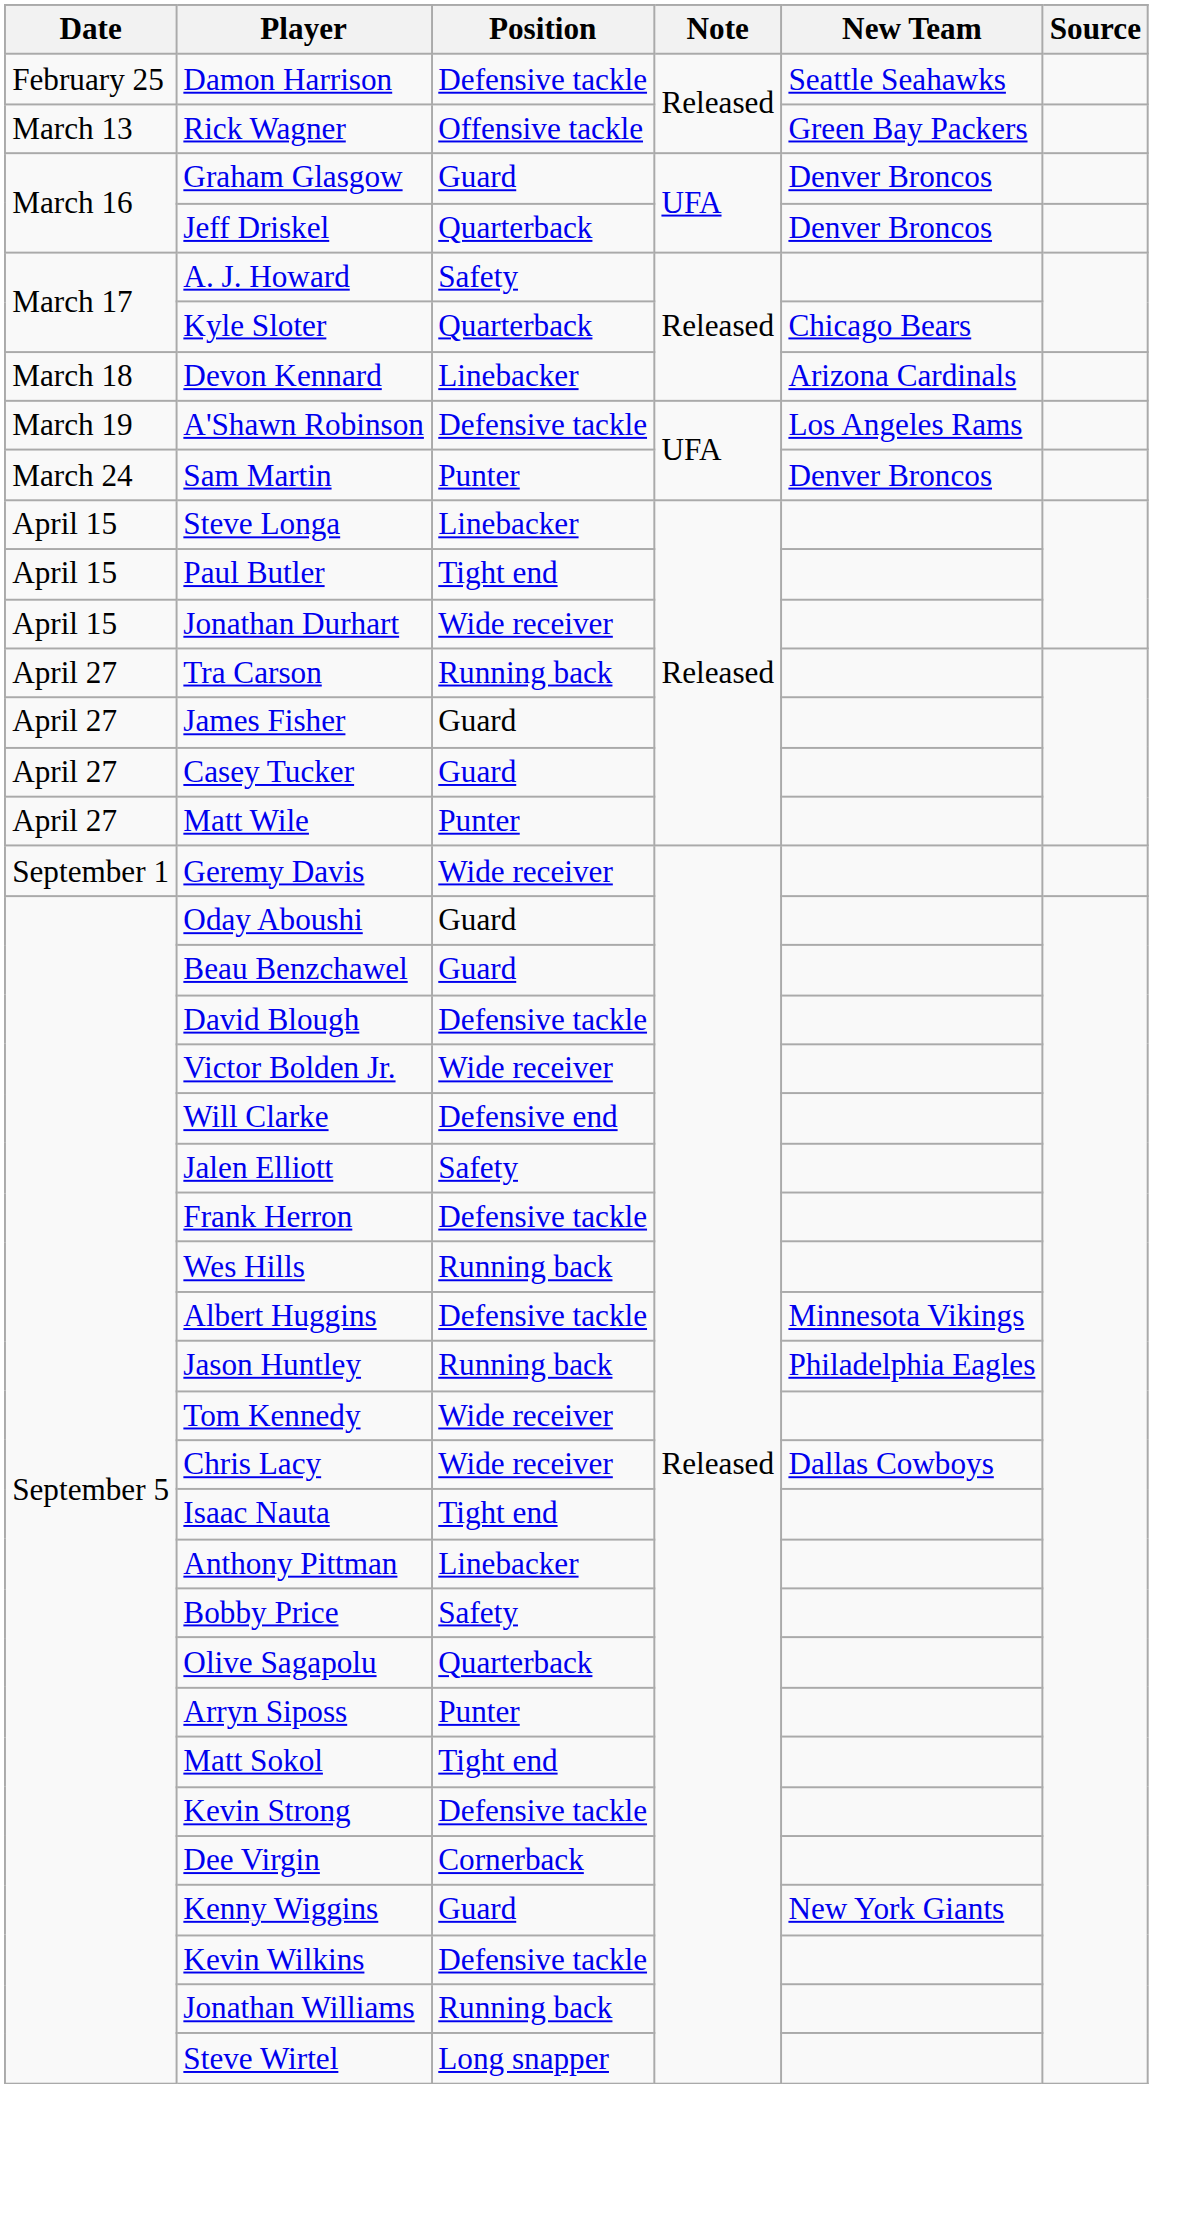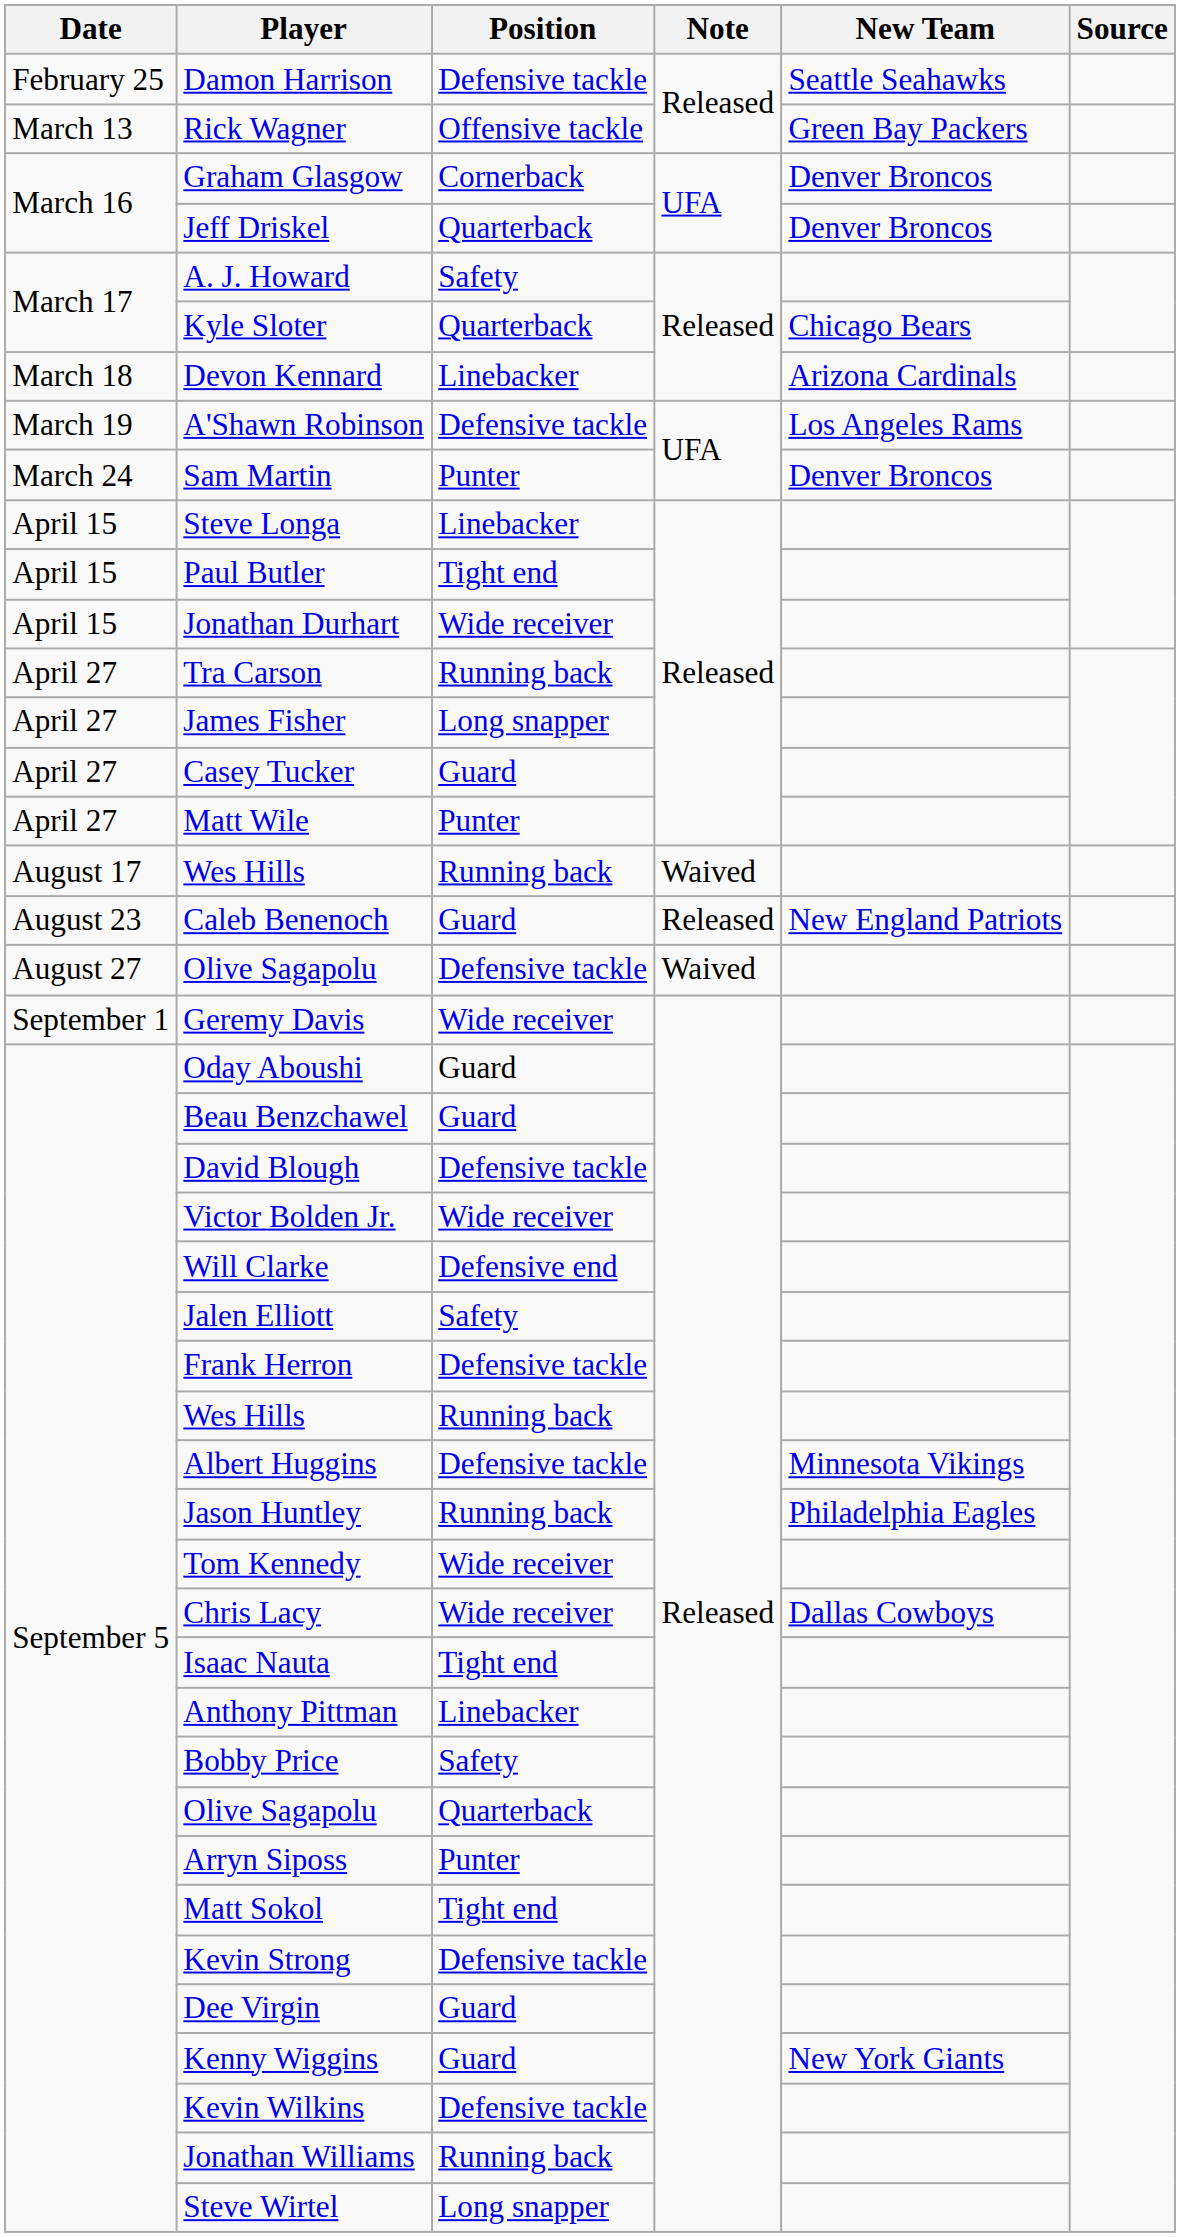 <table class="wikitable">
 <tr>
 <th>Date</th>
 <th>Player</th>
 <th>Position</th>
 <th>Note</th>
 <th>New Team</th>
 <th>Source</th>
 </tr>
 <tr>
 <td>February 25</td>
 <td><a href='#'>Damon Harrison</a></td>
 <td><a href='#'>Defensive tackle</a></td>
 <td rowspan=2>Released</td>
 <td><a href='#'>Seattle Seahawks</a></td>
 <td></td>
 </tr>
 <tr>
 <td>March 13</td>
 <td><a href='#'>Rick Wagner</a></td>
 <td><a href='#'>Offensive tackle</a></td>
 <td><a href='#'>Green Bay Packers</a></td>
 <td></td>
 </tr>
 <tr>
 <td rowspan="2">March 16</td>
 <td><a href='#'>Graham Glasgow</a></td>
-<td><a href='#'>Guard</a></td>
+<td><a href='#'>Cornerback</a></td>
 <td rowspan=2><a href='#'>UFA</a></td>
 <td><a href='#'>Denver Broncos</a></td>
 <td></td>
 </tr>
 <tr>
 <td><a href='#'>Jeff Driskel</a></td>
 <td><a href='#'>Quarterback</a></td>
 <td><a href='#'>Denver Broncos</a></td>
 <td></td>
 </tr>
 <tr>
 <td rowspan="2">March 17</td>
 <td><a href='#'>A. J. Howard</a></td>
 <td><a href='#'>Safety</a></td>
 <td rowspan=3>Released</td>
 <td></td>
 <td rowspan="2"></td>
 </tr>
 <tr>
 <td><a href='#'>Kyle Sloter</a></td>
 <td><a href='#'>Quarterback</a></td>
 <td><a href='#'>Chicago Bears</a></td>
 </tr>
 <tr>
 <td>March 18</td>
 <td><a href='#'>Devon Kennard</a></td>
 <td><a href='#'>Linebacker</a></td>
 <td><a href='#'>Arizona Cardinals</a></td>
 <td></td>
 </tr>
 <tr>
 <td>March 19</td>
 <td><a href='#'>A'Shawn Robinson</a></td>
 <td><a href='#'>Defensive tackle</a></td>
 <td rowspan=2>UFA</td>
 <td><a href='#'>Los Angeles Rams</a></td>
 <td></td>
 </tr>
 <tr>
 <td>March 24</td>
 <td><a href='#'>Sam Martin</a></td>
 <td><a href='#'>Punter</a></td>
 <td><a href='#'>Denver Broncos</a></td>
 <td></td>
 </tr>
 <tr>
 <td>April 15</td>
 <td><a href='#'>Steve Longa</a></td>
 <td><a href='#'>Linebacker</a></td>
 <td rowspan=7>Released</td>
 <td></td>
 <td rowspan=3></td>
 </tr>
 <tr>
 <td>April 15</td>
 <td><a href='#'>Paul Butler</a></td>
 <td><a href='#'>Tight end</a></td>
 <td></td>
 </tr>
 <tr>
 <td>April 15</td>
 <td><a href='#'>Jonathan Durhart</a></td>
 <td><a href='#'>Wide receiver</a></td>
 <td></td>
 </tr>
 <tr>
 <td>April 27</td>
 <td><a href='#'>Tra Carson</a></td>
 <td><a href='#'>Running back</a></td>
 <td></td>
 <td rowspan=4></td>
 </tr>
 <tr>
 <td>April 27</td>
 <td><a href='#'>James Fisher</a></td>
-<td>Guard</td>
+<td><a href='#'>Long snapper</a></td>
 <td></td>
 </tr>
 <tr>
 <td>April 27</td>
 <td><a href='#'>Casey Tucker</a></td>
 <td><a href='#'>Guard</a></td>
 <td></td>
 </tr>
 <tr>
 <td>April 27</td>
 <td><a href='#'>Matt Wile</a></td>
 <td><a href='#'>Punter</a></td>
+<td></td>
+</tr>
+<tr>
+<td>August 17</td>
+<td><a href='#'>Wes Hills</a></td>
+<td><a href='#'>Running back</a></td>
+<td>Waived</td>
+<td></td>
+<td></td>
+</tr>
+<tr>
+<td>August 23</td>
+<td><a href='#'>Caleb Benenoch</a></td>
+<td><a href='#'>Guard</a></td>
+<td>Released</td>
+<td><a href='#'>New England Patriots</a></td>
+<td></td>
+</tr>
+<tr>
+<td>August 27</td>
+<td><a href='#'>Olive Sagapolu</a></td>
+<td><a href='#'>Defensive tackle</a></td>
+<td>Waived</td>
+<td></td>
 <td></td>
 </tr>
 <tr>
 <td>September 1</td>
 <td><a href='#'>Geremy Davis</a></td>
 <td><a href='#'>Wide receiver</a></td>
 <td rowspan=25>Released</td>
 <td></td>
 <td></td>
 </tr>
 <tr>
 <td rowspan=24>September 5</td>
 <td><a href='#'>Oday Aboushi</a></td>
 <td>Guard</td>
 <td></td>
 <td rowspan=24></td>
 </tr>
 <tr>
 <td><a href='#'>Beau Benzchawel</a></td>
 <td><a href='#'>Guard</a></td>
 <td></td>
 </tr>
 <tr>
 <td><a href='#'>David Blough</a></td>
 <td><a href='#'>Defensive tackle</a></td>
 <td></td>
 </tr>
 <tr>
 <td><a href='#'>Victor Bolden Jr.</a></td>
 <td><a href='#'>Wide receiver</a></td>
 <td></td>
 </tr>
 <tr>
 <td><a href='#'>Will Clarke</a></td>
 <td><a href='#'>Defensive end</a></td>
 <td></td>
 </tr>
 <tr>
 <td><a href='#'>Jalen Elliott</a></td>
 <td><a href='#'>Safety</a></td>
 <td></td>
 </tr>
 <tr>
 <td><a href='#'>Frank Herron</a></td>
 <td><a href='#'>Defensive tackle</a></td>
 <td></td>
 </tr>
 <tr>
 <td><a href='#'>Wes Hills</a></td>
 <td><a href='#'>Running back</a></td>
 <td></td>
 </tr>
 <tr>
 <td><a href='#'>Albert Huggins</a></td>
 <td><a href='#'>Defensive tackle</a></td>
 <td><a href='#'>Minnesota Vikings</a></td>
 </tr>
 <tr>
 <td><a href='#'>Jason Huntley</a></td>
 <td><a href='#'>Running back</a></td>
 <td><a href='#'>Philadelphia Eagles</a></td>
 </tr>
 <tr>
 <td><a href='#'>Tom Kennedy</a></td>
 <td><a href='#'>Wide receiver</a></td>
 </tr>
 <tr>
 <td><a href='#'>Chris Lacy</a></td>
 <td><a href='#'>Wide receiver</a></td>
 <td><a href='#'>Dallas Cowboys</a></td>
 </tr>
 <tr>
 <td><a href='#'>Isaac Nauta</a></td>
 <td><a href='#'>Tight end</a></td>
 <td></td>
 </tr>
 <tr>
 <td><a href='#'>Anthony Pittman</a></td>
 <td><a href='#'>Linebacker</a></td>
 <td></td>
 </tr>
 <tr>
 <td><a href='#'>Bobby Price</a></td>
 <td><a href='#'>Safety</a></td>
 <td></td>
 </tr>
 <tr>
 <td><a href='#'>Olive Sagapolu</a></td>
 <td><a href='#'>Quarterback</a></td>
 <td></td>
 </tr>
 <tr>
 <td><a href='#'>Arryn Siposs</a></td>
 <td><a href='#'>Punter</a></td>
 <td></td>
 </tr>
 <tr>
 <td><a href='#'>Matt Sokol</a></td>
 <td><a href='#'>Tight end</a></td>
 <td></td>
 </tr>
 <tr>
 <td><a href='#'>Kevin Strong</a></td>
 <td><a href='#'>Defensive tackle</a></td>
 <td></td>
 </tr>
 <tr>
 <td><a href='#'>Dee Virgin</a></td>
-<td><a href='#'>Cornerback</a></td>
+<td><a href='#'>Guard</a></td>
 <td></td>
 </tr>
 <tr>
 <td><a href='#'>Kenny Wiggins</a></td>
 <td><a href='#'>Guard</a></td>
 <td><a href='#'>New York Giants</a></td>
 </tr>
 <tr>
 <td><a href='#'>Kevin Wilkins</a></td>
 <td><a href='#'>Defensive tackle</a></td>
 <td></td>
 </tr>
 <tr>
 <td><a href='#'>Jonathan Williams</a></td>
 <td><a href='#'>Running back</a></td>
 </tr>
 <tr>
 <td><a href='#'>Steve Wirtel</a></td>
 <td><a href='#'>Long snapper</a></td>
 <td></td>
 </tr>
 </table>
